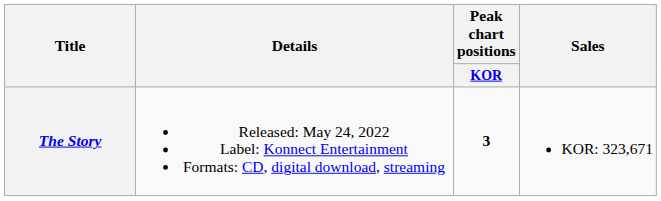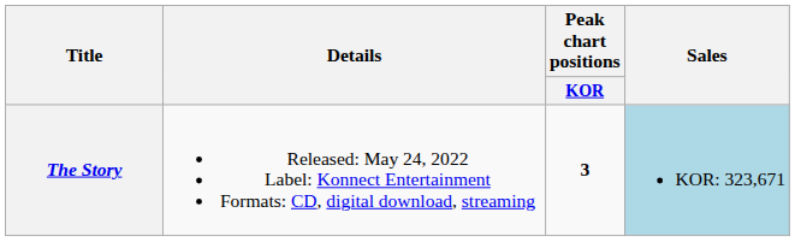 <table class="wikitable plainrowheaders" style="text-align:center;" border="1">
 <tr>
 <th scope="col" rowspan="2" style="width:8em;">Title</th>
 <th scope="col" rowspan="2" style="width:20em;">Details</th>
 <th scope="col" colspan="1">Peak chart positions</th>
 <th scope="col" rowspan="2">Sales</th>
 </tr>
 <tr>
 <th scope="col" style="width:4em;font-size:90%;"><a href='#'>KOR</a><br></th>
 </tr>
 <tr>
 <th scope="row"><em><a href='#'>The Story</a></em></th>
 <td><br><ul><li>Released: May 24, 2022 </li><li>Label: <a href='#'>Konnect Entertainment</a></li><li>Formats: <a href='#'>CD</a>, <a href='#'>digital download</a>, <a href='#'>streaming</a></li></ul></td>
 <td><strong>3</strong></td>
-<td><br><ul><li>KOR: 323,671</li></ul></td>
+<td style="background: lightblue;"><br><ul><li>KOR: 323,671</li></ul></td>
 </tr>
 </table>
